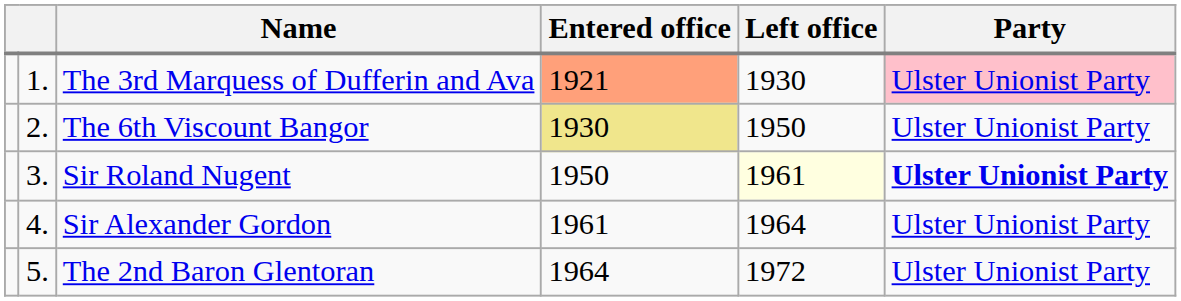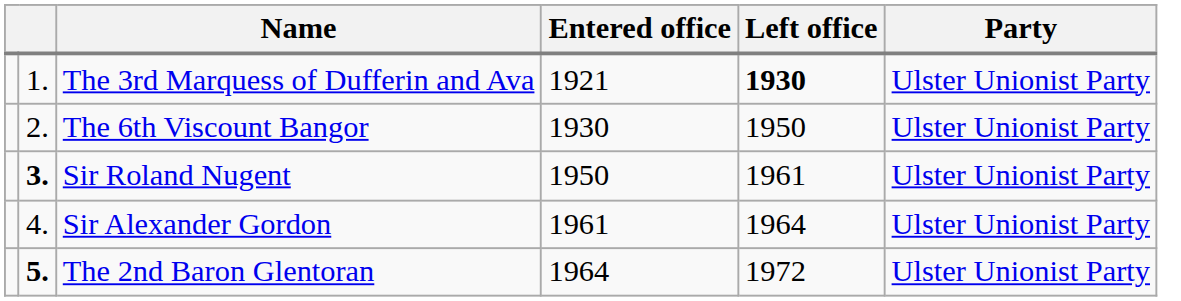 <table class="wikitable">
 <tr style="border-bottom: 2px solid gray;">
 <th colspan="2"></th>
 <th>Name</th>
 <th>Entered office</th>
 <th>Left office</th>
 <th>Party</th>
 </tr>
 <tr>
 <td style="background:"></td>
 <td>1.</td>
 <td><a href='#'>The 3rd Marquess of Dufferin and Ava</a></td>
-<td style="background: lightsalmon;">1921</td>
-<td>1930</td>
-<td style="background: pink;"><a href='#'>Ulster Unionist Party</a></td>
+<td>1921</td>
+<td><strong>1930</strong></td>
+<td><a href='#'>Ulster Unionist Party</a></td>
 </tr>
 <tr>
 <td style="background:"></td>
 <td>2.</td>
 <td><a href='#'>The 6th Viscount Bangor</a></td>
-<td style="background: khaki;">1930</td>
+<td>1930</td>
 <td>1950</td>
 <td><a href='#'>Ulster Unionist Party</a></td>
 </tr>
 <tr>
 <td style="background:"></td>
-<td>3.</td>
+<td><strong>3.</strong></td>
 <td><a href='#'>Sir Roland Nugent</a></td>
 <td>1950</td>
-<td style="background: lightyellow;">1961</td>
-<td><strong><a href='#'>Ulster Unionist Party</a></strong></td>
+<td>1961</td>
+<td><a href='#'>Ulster Unionist Party</a></td>
 </tr>
 <tr>
 <td style="background:"></td>
 <td>4.</td>
 <td><a href='#'>Sir Alexander Gordon</a></td>
 <td>1961</td>
 <td>1964</td>
 <td><a href='#'>Ulster Unionist Party</a></td>
 </tr>
 <tr>
 <td style="background:"></td>
-<td>5.</td>
+<td><strong>5.</strong></td>
 <td><a href='#'>The 2nd Baron Glentoran</a></td>
 <td>1964</td>
 <td>1972</td>
 <td><a href='#'>Ulster Unionist Party</a></td>
 </tr>
 </table>
